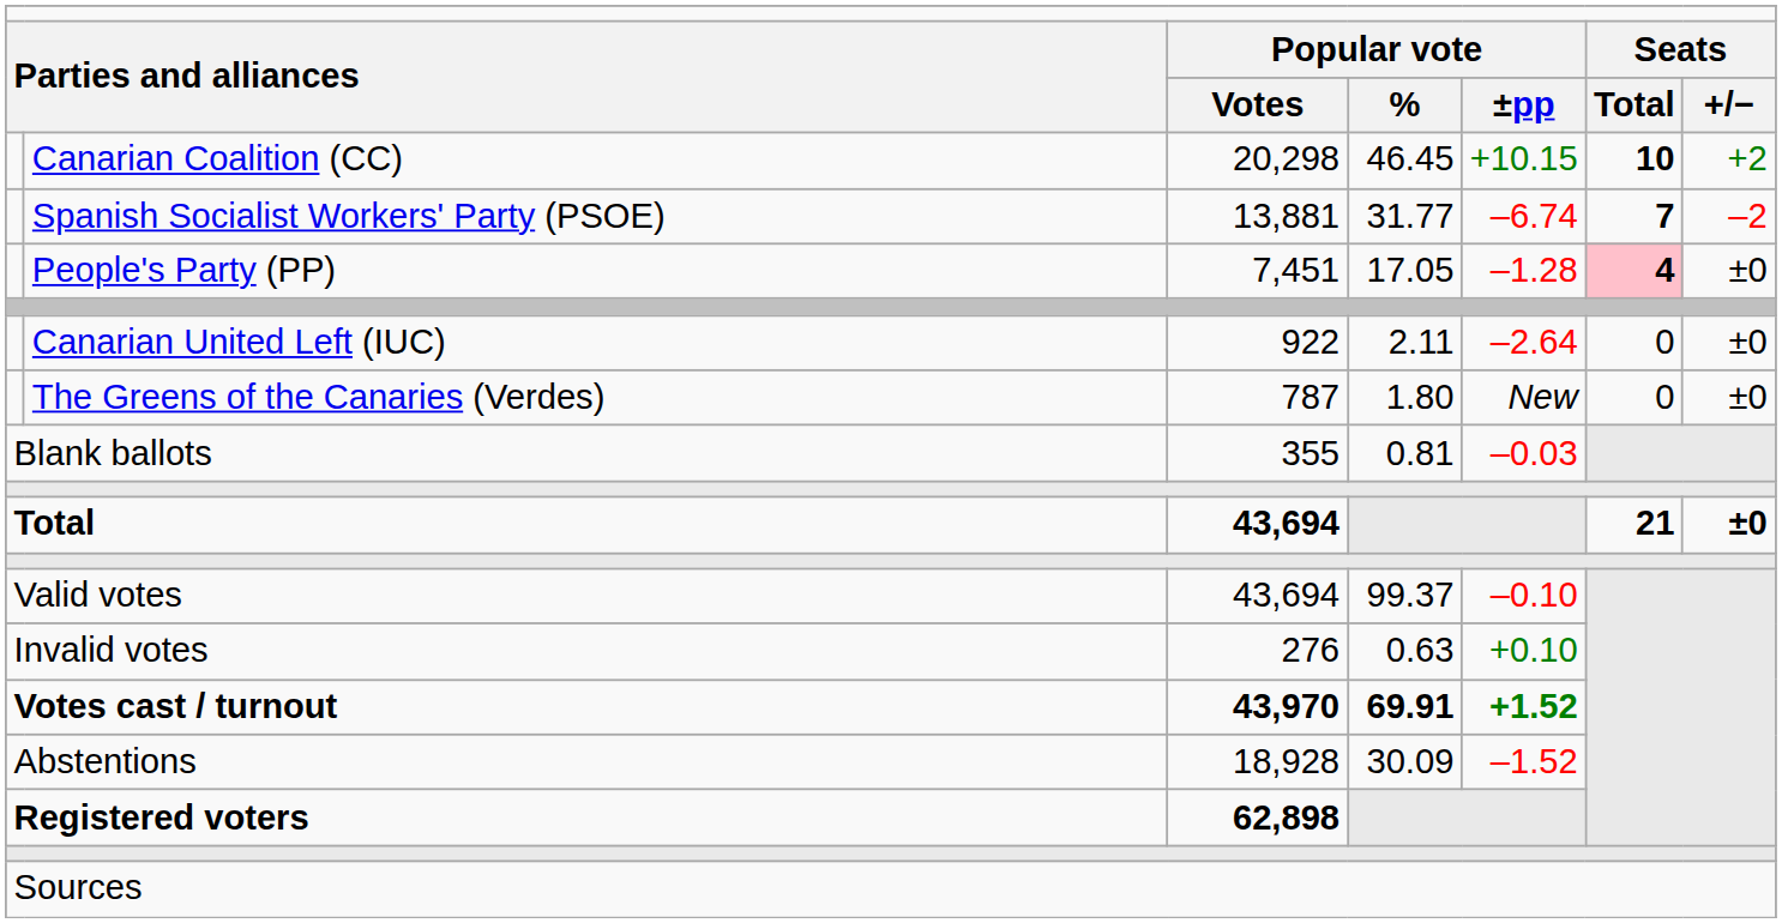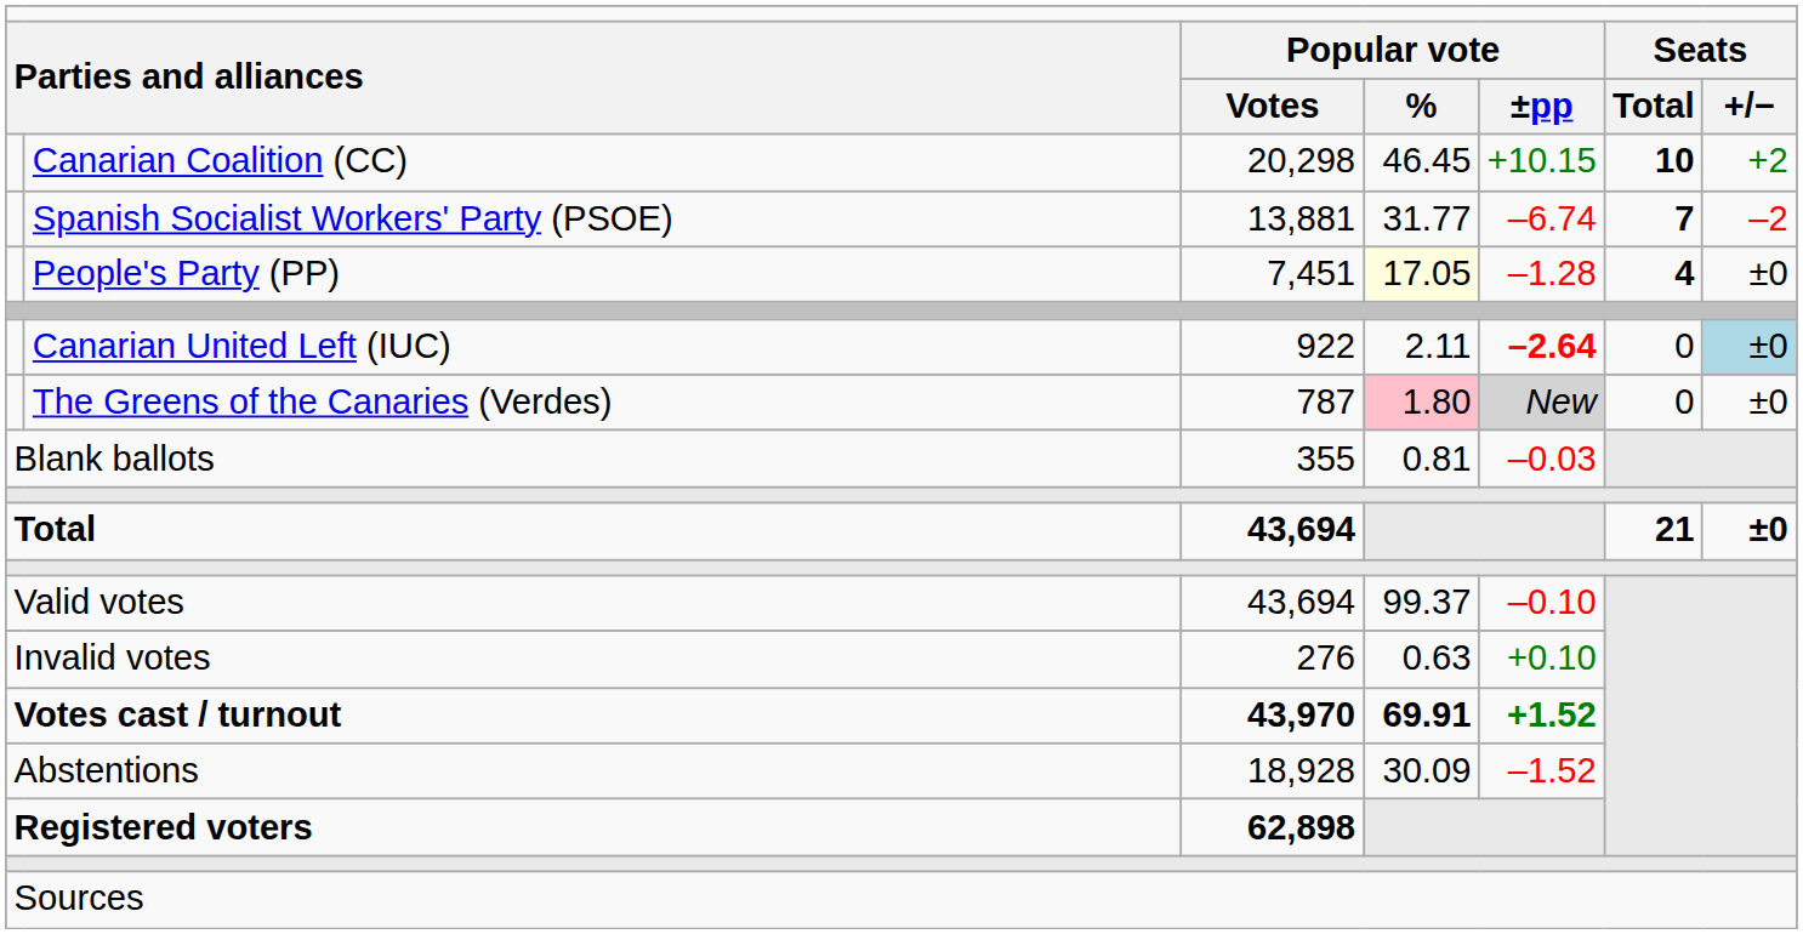 <table class="wikitable" style="text-align:right;">
 <tr>
 <td colspan="7"></td>
 </tr>
 <tr>
 <th style="text-align:left;" rowspan="2" colspan="2" width="525">Parties and alliances</th>
 <th colspan="3">Popular vote</th>
 <th colspan="2">Seats</th>
 </tr>
 <tr>
 <th width="75">Votes</th>
 <th width="45">%</th>
 <th width="45">±<a href='#'>pp</a></th>
 <th width="35">Total</th>
 <th width="35">+/−</th>
 </tr>
 <tr>
 <td width="1" style="color:inherit;background:"></td>
 <td align="left"><a href='#'>Canarian Coalition</a> (CC)</td>
 <td>20,298</td>
 <td>46.45</td>
 <td style="color:green;">+10.15</td>
 <td><strong>10</strong></td>
 <td style="color:green;">+2</td>
 </tr>
 <tr>
 <td style="color:inherit;background:"></td>
 <td align="left"><a href='#'>Spanish Socialist Workers' Party</a> (PSOE)</td>
 <td>13,881</td>
 <td>31.77</td>
 <td style="color:red;">–6.74</td>
 <td><strong>7</strong></td>
 <td style="color:red;">–2</td>
 </tr>
 <tr>
 <td style="color:inherit;background:"></td>
 <td align="left"><a href='#'>People's Party</a> (PP)</td>
 <td>7,451</td>
-<td>17.05</td>
+<td style="background: lightyellow;">17.05</td>
 <td style="color:red;">–1.28</td>
-<td style="background: pink;"><strong>4</strong></td>
+<td><strong>4</strong></td>
 <td>±0</td>
 </tr>
 <tr>
 <td colspan="7" bgcolor="#C0C0C0"></td>
 </tr>
 <tr>
 <td style="color:inherit;background:"></td>
 <td align="left"><a href='#'>Canarian United Left</a> (IUC)</td>
 <td>922</td>
 <td>2.11</td>
-<td style="color:red;">–2.64</td>
+<td style="color:red;"><strong>–2.64</strong></td>
 <td>0</td>
-<td>±0</td>
+<td style="background: lightblue;">±0</td>
 </tr>
 <tr>
 <td style="color:inherit;background:"></td>
 <td align="left"><a href='#'>The Greens of the Canaries</a> (Verdes)</td>
 <td>787</td>
-<td>1.80</td>
-<td><em>New</em></td>
+<td style="background: pink;">1.80</td>
+<td style="background: lightgrey;"><em>New</em></td>
 <td>0</td>
 <td>±0</td>
 </tr>
 <tr>
 <td align="left" colspan="2">Blank ballots</td>
 <td>355</td>
 <td>0.81</td>
 <td style="color:red;">–0.03</td>
 <td bgcolor="#E9E9E9" colspan="2"></td>
 </tr>
 <tr>
 <td colspan="7" bgcolor="#E9E9E9"></td>
 </tr>
 <tr style="font-weight:bold;">
 <td align="left" colspan="2">Total</td>
 <td>43,694</td>
 <td bgcolor="#E9E9E9" colspan="2"></td>
 <td>21</td>
 <td>±0</td>
 </tr>
 <tr>
 <td colspan="7" bgcolor="#E9E9E9"></td>
 </tr>
 <tr>
 <td align="left" colspan="2">Valid votes</td>
 <td>43,694</td>
 <td>99.37</td>
 <td style="color:red;">–0.10</td>
 <td bgcolor="#E9E9E9" colspan="2" rowspan="5"></td>
 </tr>
 <tr>
 <td align="left" colspan="2">Invalid votes</td>
 <td>276</td>
 <td>0.63</td>
 <td style="color:green;">+0.10</td>
 </tr>
 <tr style="font-weight:bold;">
 <td align="left" colspan="2">Votes cast / turnout</td>
 <td>43,970</td>
 <td>69.91</td>
 <td style="color:green;">+1.52</td>
 </tr>
 <tr>
 <td align="left" colspan="2">Abstentions</td>
 <td>18,928</td>
 <td>30.09</td>
 <td style="color:red;">–1.52</td>
 </tr>
 <tr style="font-weight:bold;">
 <td align="left" colspan="2">Registered voters</td>
 <td>62,898</td>
 <td bgcolor="#E9E9E9" colspan="2"></td>
 </tr>
 <tr>
 <td colspan="7" bgcolor="#E9E9E9"></td>
 </tr>
 <tr>
 <td align="left" colspan="7">Sources</td>
 </tr>
 </table>
